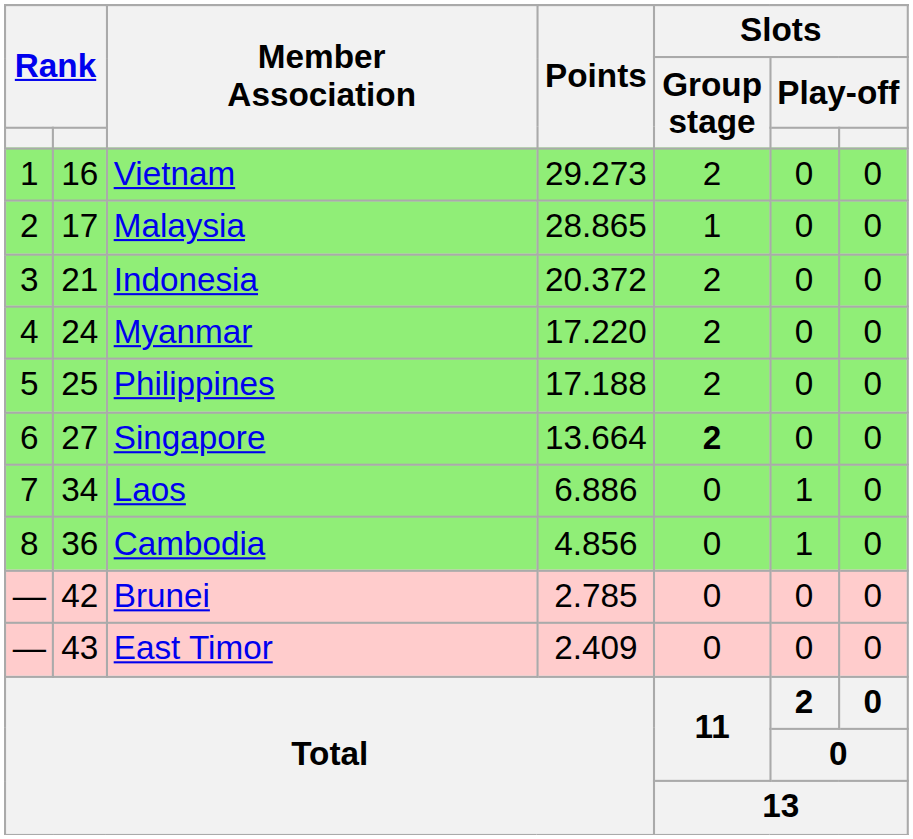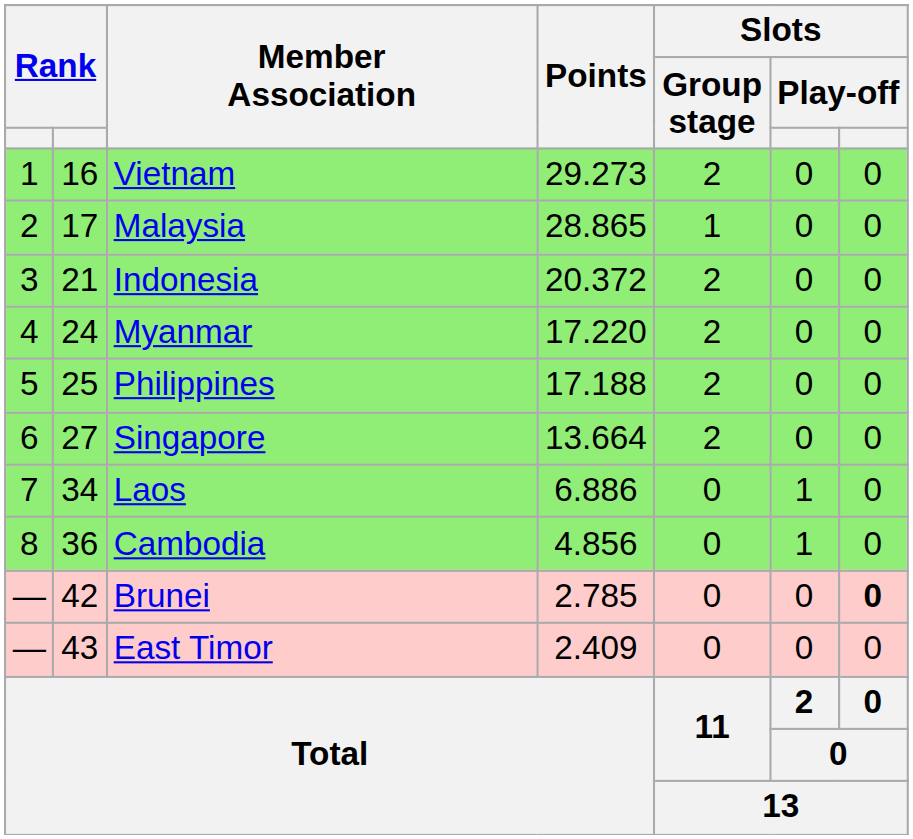 <table class="wikitable" style="text-align:center">
 <tr>
 </tr>
 <tr>
 <th colspan=2 rowspan=2><a href='#'>Rank</a></th>
 <th rowspan=3 width=200>Member<br>Association</th>
 <th rowspan=3>Points</th>
 <th colspan=3>Slots</th>
 </tr>
 <tr>
 <th rowspan=2>Group<br>stage</th>
 <th colspan=2>Play-off</th>
 </tr>
 <tr>
 <th></th>
 <th></th>
 <th></th>
 <th></th>
 </tr>
 <tr bgcolor=#90ee77>
 <td>1</td>
 <td>16</td>
 <td align=left> <a href='#'>Vietnam</a></td>
 <td>29.273</td>
 <td>2</td>
 <td>0</td>
 <td>0</td>
 </tr>
 <tr bgcolor=#90ee77>
 <td>2</td>
 <td>17</td>
 <td align=left> <a href='#'>Malaysia</a></td>
 <td>28.865</td>
 <td>1</td>
 <td>0</td>
 <td>0</td>
 </tr>
 <tr bgcolor=#90ee77>
 <td>3</td>
 <td>21</td>
 <td align=left> <a href='#'>Indonesia</a></td>
 <td>20.372</td>
 <td>2</td>
 <td>0</td>
 <td>0</td>
 </tr>
 <tr bgcolor=#90ee77>
 <td>4</td>
 <td>24</td>
 <td align=left> <a href='#'>Myanmar</a></td>
 <td>17.220</td>
 <td>2</td>
 <td>0</td>
 <td>0</td>
 </tr>
 <tr bgcolor=#90ee77>
 <td>5</td>
 <td>25</td>
 <td align=left> <a href='#'>Philippines</a></td>
 <td>17.188</td>
 <td>2</td>
 <td>0</td>
 <td>0</td>
 </tr>
 <tr bgcolor=#90ee77>
 <td>6</td>
 <td>27</td>
 <td align=left> <a href='#'>Singapore</a></td>
 <td>13.664</td>
-<td><strong>2</strong></td>
+<td>2</td>
 <td>0</td>
 <td>0</td>
 </tr>
 <tr bgcolor=#90ee77>
 <td>7</td>
 <td>34</td>
 <td align=left> <a href='#'>Laos</a></td>
 <td>6.886</td>
 <td>0</td>
 <td>1</td>
 <td>0</td>
 </tr>
 <tr bgcolor=#90ee77>
 <td>8</td>
 <td>36</td>
 <td align=left> <a href='#'>Cambodia</a></td>
 <td>4.856</td>
 <td>0</td>
 <td>1</td>
 <td>0</td>
 </tr>
 <tr bgcolor=#ffcccc>
 <td>—</td>
 <td>42</td>
 <td align=left> <a href='#'>Brunei</a></td>
 <td>2.785</td>
 <td>0</td>
 <td>0</td>
-<td>0</td>
+<td><strong>0</strong></td>
 </tr>
 <tr bgcolor=#ffcccc>
 <td>—</td>
 <td>43</td>
 <td align=left> <a href='#'>East Timor</a></td>
 <td>2.409</td>
 <td>0</td>
 <td>0</td>
 <td>0</td>
 </tr>
 <tr>
 <th colspan=4 rowspan=3>Total</th>
 <th rowspan=2>11</th>
 <th>2</th>
 <th>0</th>
 </tr>
 <tr>
 <th colspan=2>0</th>
 </tr>
 <tr>
 <th colspan=3>13</th>
 </tr>
 </table>
